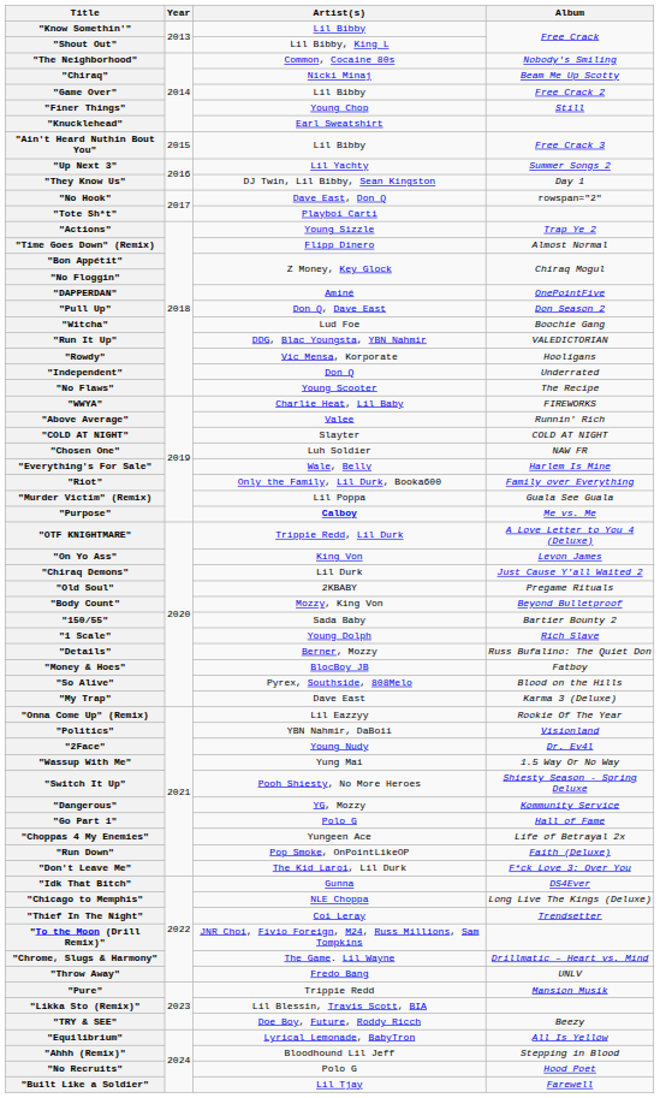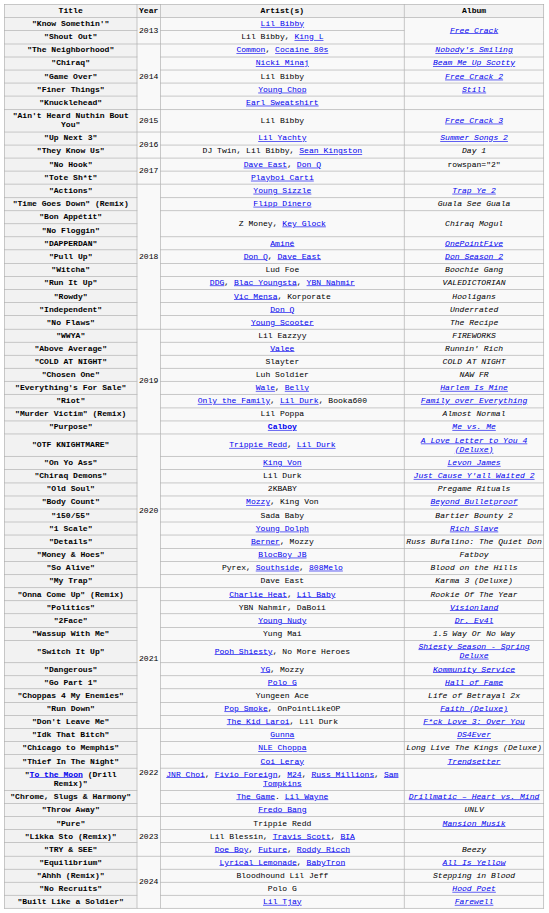 <table class="wikitable plainrowheaders" style="text-align:center;">
 <tr>
 <th scope="col" style="width:16em;">Title</th>
 <th scope="col">Year</th>
 <th scope="col">Artist(s)</th>
 <th scope="col">Album</th>
 </tr>
 <tr>
 <th scope="row">"Know Somethin'"</th>
 <td rowspan="2">2013</td>
 <td><a href='#'>Lil Bibby</a></td>
 <td rowspan="2"><em><a href='#'>Free Crack</a></em></td>
 </tr>
 <tr>
 <th scope="row">"Shout Out"</th>
 <td>Lil Bibby, <a href='#'>King L</a></td>
 </tr>
 <tr>
 <th scope="row">"The Neighborhood"</th>
 <td rowspan="5">2014</td>
 <td><a href='#'>Common</a>, <a href='#'>Cocaine 80s</a></td>
 <td><em><a href='#'>Nobody's Smiling</a></em></td>
 </tr>
 <tr>
 <th scope="row">"Chiraq"</th>
 <td><a href='#'>Nicki Minaj</a></td>
 <td><em><a href='#'>Beam Me Up Scotty</a></em></td>
 </tr>
 <tr>
 <th scope="row">"Game Over"</th>
 <td>Lil Bibby</td>
 <td><em><a href='#'>Free Crack 2</a></em></td>
 </tr>
 <tr>
 <th scope="row">"Finer Things"</th>
 <td><a href='#'>Young Chop</a></td>
 <td><em><a href='#'>Still</a></em></td>
 </tr>
 <tr>
 <th scope="row">"Knucklehead"</th>
 <td><a href='#'>Earl Sweatshirt</a></td>
 <td></td>
 </tr>
 <tr>
 <th scope="row">"Ain't Heard Nuthin Bout You"</th>
 <td>2015</td>
 <td>Lil Bibby</td>
 <td><em><a href='#'>Free Crack 3</a></em></td>
 </tr>
 <tr>
 <th scope="row">"Up Next 3"</th>
 <td rowspan="2">2016</td>
 <td><a href='#'>Lil Yachty</a></td>
 <td><em><a href='#'>Summer Songs 2</a></em></td>
 </tr>
 <tr>
 <th scope="row">"They Know Us"</th>
 <td>DJ Twin, Lil Bibby, <a href='#'>Sean Kingston</a></td>
 <td><em>Day 1</em></td>
 </tr>
 <tr>
 <th scope="row">"No Hook"</th>
 <td rowspan="2">2017</td>
 <td><a href='#'>Dave East</a>, <a href='#'>Don Q</a></td>
 <td>rowspan="2" </td>
 </tr>
 <tr>
 <th scope="row">"Tote Sh*t"</th>
 <td><a href='#'>Playboi Carti</a></td>
 </tr>
 <tr>
 <th scope="Row">"Actions"</th>
 <td rowspan="11">2018</td>
 <td><a href='#'>Young Sizzle</a></td>
 <td><em><a href='#'>Trap Ye 2</a></em></td>
 </tr>
 <tr>
 <th scope="row">"Time Goes Down" (Remix)</th>
 <td><a href='#'>Flipp Dinero</a></td>
-<td><em>Almost Normal</em></td>
+<td><em>Guala See Guala</em></td>
 </tr>
 <tr>
 <th scope="row">"Bon Appétit"</th>
 <td rowspan="2">Z Money, <a href='#'>Key Glock</a></td>
 <td rowspan="2"><em>Chiraq Mogul</em></td>
 </tr>
 <tr>
 <th scope="row">"No Floggin"</th>
 </tr>
 <tr>
 <th Scope="row">"DAPPERDAN"</th>
 <td><a href='#'>Aminé</a></td>
 <td><em><a href='#'>OnePointFive</a></em></td>
 </tr>
 <tr>
 <th Scope="row">"Pull Up"</th>
 <td><a href='#'>Don Q</a>, <a href='#'>Dave East</a></td>
 <td><em><a href='#'>Don Season 2</a></em></td>
 </tr>
 <tr>
 <th scope="row">"Witcha"</th>
 <td>Lud Foe</td>
 <td><em>Boochie Gang</em></td>
 </tr>
 <tr>
 <th scope="row">"Run It Up"</th>
 <td><a href='#'>DDG</a>, <a href='#'>Blac Youngsta</a>, <a href='#'>YBN Nahmir</a></td>
 <td><em>VALEDICTORIAN</em></td>
 </tr>
 <tr>
 <th Scope="row">"Rowdy"</th>
 <td><a href='#'>Vic Mensa</a>, Korporate</td>
 <td><em>Hooligans</em></td>
 </tr>
 <tr>
 <th Scope="row">"Independent"</th>
 <td><a href='#'>Don Q</a></td>
 <td><em>Underrated</em></td>
 </tr>
 <tr>
 <th Scope="row">"No Flaws"</th>
 <td><a href='#'>Young Scooter</a></td>
 <td><em>The Recipe</em></td>
 </tr>
 <tr>
 <th scope="row">"WWYA"</th>
 <td rowspan="8">2019</td>
-<td><a href='#'>Charlie Heat</a>, <a href='#'>Lil Baby</a></td>
+<td>Lil Eazzyy</td>
 <td><em>FIREWORKS</em></td>
 </tr>
 <tr>
 <th scope="Row">"Above Average"</th>
 <td><a href='#'>Valee</a></td>
 <td><em>Runnin' Rich</em></td>
 </tr>
 <tr>
 <th scope="row">"COLD AT NIGHT"</th>
 <td>Slayter</td>
 <td><em>COLD AT NIGHT</em></td>
 </tr>
 <tr>
 <th scope="row">"Chosen One"</th>
 <td>Luh Soldier</td>
 <td><em>NAW FR</em></td>
 </tr>
 <tr>
 <th Scope="row">"Everything's For Sale"</th>
 <td><a href='#'>Wale</a>, <a href='#'>Belly</a></td>
 <td><em><a href='#'>Harlem Is Mine</a></em></td>
 </tr>
 <tr>
 <th Scope="row">"Riot"</th>
 <td><a href='#'>Only the Family</a>, <a href='#'>Lil Durk</a>, Booka600</td>
 <td><em><a href='#'>Family over Everything</a></em></td>
 </tr>
 <tr>
 <th Scope="row">"Murder Victim" (Remix)</th>
 <td>Lil Poppa</td>
-<td><em>Guala See Guala</em></td>
+<td><em>Almost Normal</em></td>
 </tr>
 <tr>
 <th Scope="row">"Purpose"</th>
 <td><strong><a href='#'>Calboy</a></strong></td>
 <td><em><a href='#'>Me vs. Me</a></em></td>
 </tr>
 <tr>
 <th scope="row">"OTF KNIGHTMARE"</th>
 <td rowspan="11">2020</td>
 <td><a href='#'>Trippie Redd</a>, <a href='#'>Lil Durk</a></td>
 <td><em><a href='#'>A Love Letter to You 4 (Deluxe)</a></em></td>
 </tr>
 <tr>
 <th scope="row">"On Yo Ass"</th>
 <td><a href='#'>King Von</a></td>
 <td><em><a href='#'>Levon James</a></em></td>
 </tr>
 <tr>
 <th Scope="row">"Chiraq Demons"</th>
 <td>Lil Durk</td>
 <td><em><a href='#'>Just Cause Y'all Waited 2</a></em></td>
 </tr>
 <tr>
 <th Scope="row">"Old Soul"</th>
 <td>2KBABY</td>
 <td><em>Pregame Rituals</em></td>
 </tr>
 <tr>
 <th scope="row">"Body Count"</th>
 <td><a href='#'>Mozzy</a>, King Von</td>
 <td><em><a href='#'>Beyond Bulletproof</a></em></td>
 </tr>
 <tr>
 <th Scope="row">"150/55"</th>
 <td>Sada Baby</td>
 <td><em>Bartier Bounty 2</em></td>
 </tr>
 <tr>
 <th Scope="row">"1 Scale"</th>
 <td><a href='#'>Young Dolph</a></td>
 <td><em><a href='#'>Rich Slave</a></em></td>
 </tr>
 <tr>
 <th Scope="row">"Details"</th>
 <td><a href='#'>Berner</a>, Mozzy</td>
 <td><em>Russ Bufalino: The Quiet Don</em></td>
 </tr>
 <tr>
 <th scope="row">"Money & Hoes"</th>
 <td><a href='#'>BlocBoy JB</a></td>
 <td><em>Fatboy</em></td>
 </tr>
 <tr>
 <th Scope="Row">"So Alive"</th>
 <td>Pyrex, <a href='#'>Southside</a>, <a href='#'>808Melo</a></td>
 <td><em>Blood on the Hills</em></td>
 </tr>
 <tr>
 <th scope="row">"My Trap"</th>
 <td>Dave East</td>
 <td><em>Karma 3 (Deluxe)</em></td>
 </tr>
 <tr>
 <th Scope="row">"Onna Come Up" (Remix)</th>
 <td rowspan="10">2021</td>
-<td>Lil Eazzyy</td>
+<td><a href='#'>Charlie Heat</a>, <a href='#'>Lil Baby</a></td>
 <td><em>Rookie Of The Year</em></td>
 </tr>
 <tr>
 <th scope="row">"Politics"</th>
 <td>YBN Nahmir, DaBoii</td>
 <td><em><a href='#'>Visionland</a></em></td>
 </tr>
 <tr>
 <th Scope="row">"2Face"</th>
 <td><a href='#'>Young Nudy</a></td>
 <td><em><a href='#'>Dr. Ev4l</a></em></td>
 </tr>
 <tr>
 <th Scope="row">"Wassup With Me"</th>
 <td>Yung Mai</td>
 <td><em> 1.5 Way Or No Way</em></td>
 </tr>
 <tr>
 <th scope="row">"Switch It Up"</th>
 <td><a href='#'>Pooh Shiesty</a>, No More Heroes</td>
 <td><em><a href='#'>Shiesty Season - Spring Deluxe</a></em></td>
 </tr>
 <tr>
 <th scope="row">"Dangerous"</th>
 <td><a href='#'>YG</a>, Mozzy</td>
 <td><em><a href='#'>Kommunity Service</a></em></td>
 </tr>
 <tr>
 <th Scope="row">"Go Part 1"</th>
 <td><a href='#'>Polo G</a></td>
 <td><em><a href='#'>Hall of Fame</a></em></td>
 </tr>
 <tr>
 <th scope="row">"Choppas 4 My Enemies"</th>
 <td>Yungeen Ace</td>
 <td><em>Life of Betrayal 2x</em></td>
 </tr>
 <tr>
 <th scope="row">"Run Down"</th>
 <td><a href='#'>Pop Smoke</a>, OnPointLikeOP</td>
 <td><em><a href='#'>Faith (Deluxe)</a></em></td>
 </tr>
 <tr>
 <th scope="row">"Don't Leave Me"</th>
 <td><a href='#'>The Kid Laroi</a>, Lil Durk</td>
 <td><em><a href='#'>F*ck Love 3: Over You</a></em></td>
 </tr>
 <tr>
 <th scope="row">"Idk That Bitch"</th>
 <td rowspan="6">2022</td>
 <td><a href='#'>Gunna</a></td>
 <td><em><a href='#'>DS4Ever</a></em></td>
 </tr>
 <tr>
 <th scope="row">"Chicago to Memphis"</th>
 <td><a href='#'>NLE Choppa</a></td>
 <td><em>Long Live The Kings (Deluxe)</em></td>
 </tr>
 <tr>
 <th scope="row">"Thief In The Night"</th>
 <td><a href='#'>Coi Leray</a></td>
 <td><em><a href='#'>Trendsetter</a></em></td>
 </tr>
 <tr>
 <th scope="row">"<a href='#'>To the Moon</a> (Drill Remix)"</th>
 <td><a href='#'>JNR Choi</a>, <a href='#'>Fivio Foreign</a>, <a href='#'>M24</a>, <a href='#'>Russ Millions</a>, <a href='#'>Sam Tompkins</a></td>
 <td></td>
 </tr>
 <tr>
 <th scope="row">"Chrome, Slugs & Harmony"</th>
 <td><a href='#'>The Game</a>. <a href='#'>Lil Wayne</a></td>
 <td><em><a href='#'>Drillmatic – Heart vs. Mind</a></em></td>
 </tr>
 <tr>
 <th scope="row">"Throw Away"</th>
 <td><a href='#'>Fredo Bang</a></td>
 <td><em>UNLV</em></td>
 </tr>
 <tr>
 <th scope="row">"Pure"</th>
 <td rowspan="3">2023</td>
 <td>Trippie Redd</td>
 <td><em><a href='#'>Mansion Musik</a></em></td>
 </tr>
 <tr>
 <th scope="row">"Likka Sto (Remix)"</th>
 <td>Lil Blessin, <a href='#'>Travis Scott</a>, <a href='#'>BIA</a></td>
 <td></td>
 </tr>
 <tr>
 <th scope="row">"TRY & SEE"</th>
 <td><a href='#'>Doe Boy</a>, <a href='#'>Future</a>, <a href='#'>Roddy Ricch</a></td>
 <td><em>Beezy</em></td>
 </tr>
 <tr>
 <th scope="row">"Equilibrium"</th>
 <td rowspan="4">2024</td>
 <td><a href='#'>Lyrical Lemonade</a>, <a href='#'>BabyTron</a></td>
 <td><em><a href='#'>All Is Yellow</a></em></td>
 </tr>
 <tr>
 <th scope="row">"Ahhh (Remix)"</th>
 <td>Bloodhound Lil Jeff</td>
 <td><em>Stepping in Blood</em></td>
 </tr>
 <tr>
 <th scope="row">"No Recruits"</th>
 <td>Polo G</td>
 <td><em><a href='#'>Hood Poet</a></em></td>
 </tr>
 <tr>
 <th scope="row">"Built Like a Soldier"</th>
 <td><a href='#'>Lil Tjay</a></td>
 <td><em><a href='#'>Farewell</a></em></td>
 </tr>
 </table>
